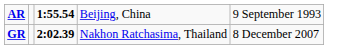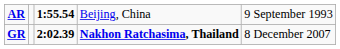 <table class="wikitable" style="font-size:95%; position:relative;">
 <tr>
 <td align=center><strong><a href='#'>AR</a></strong></td>
 <td></td>
 <td><strong>1:55.54</strong></td>
 <td><a href='#'>Beijing</a>, China</td>
 <td>9 September 1993</td>
 </tr>
 <tr>
 <td align=center><strong><a href='#'>GR</a></strong></td>
 <td></td>
 <td><strong>2:02.39</strong></td>
-<td><a href='#'>Nakhon Ratchasima</a>, Thailand</td>
+<td><strong><a href='#'>Nakhon Ratchasima</a>, Thailand</strong></td>
 <td>8 December 2007</td>
 </tr>
 </table>
